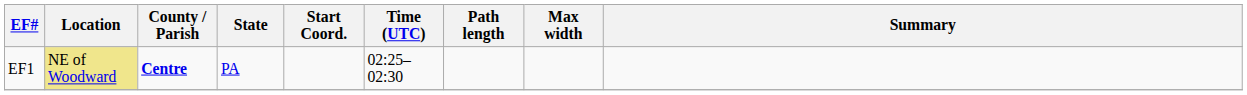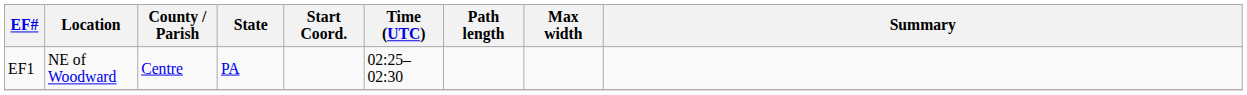 <table class="wikitable sortable" style="width:100%;">
 <tr>
 <th scope="col"  style="width:3%; text-align:center;"><a href='#'>EF#</a></th>
 <th scope="col"  style="width:7%; text-align:center;" class="unsortable">Location</th>
 <th scope="col"  style="width:6%; text-align:center;" class="unsortable">County / Parish</th>
 <th scope="col"  style="width:5%; text-align:center;">State</th>
 <th scope="col"  style="width:6%; text-align:center;">Start Coord.</th>
 <th scope="col"  style="width:6%; text-align:center;">Time (<a href='#'>UTC</a>)</th>
 <th scope="col"  style="width:6%; text-align:center;">Path length</th>
 <th scope="col"  style="width:6%; text-align:center;">Max width</th>
 <th scope="col" class="unsortable" style="width:48%; text-align:center;">Summary</th>
 </tr>
 <tr>
 <td>EF1</td>
-<td style="background: khaki;">NE of <a href='#'>Woodward</a></td>
-<td><strong><a href='#'>Centre</a></strong></td>
+<td>NE of <a href='#'>Woodward</a></td>
+<td><a href='#'>Centre</a></td>
 <td><a href='#'>PA</a></td>
 <td></td>
 <td>02:25–02:30</td>
 <td></td>
 <td></td>
 <td></td>
 </tr>
 <tr>
 </tr>
 </table>
